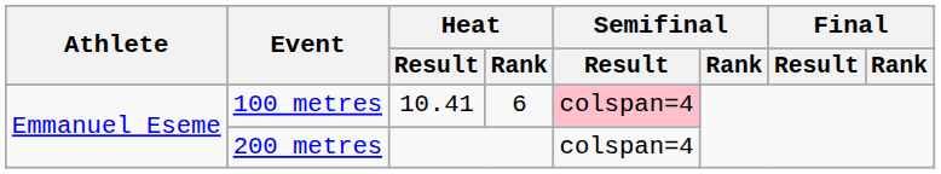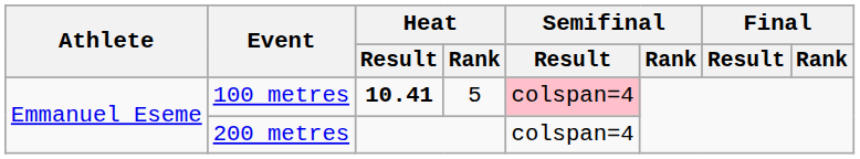 <table class="wikitable" style="font-size:90%">
 <tr>
 <th rowspan="2">Athlete</th>
 <th rowspan="2">Event</th>
 <th colspan="2">Heat</th>
 <th colspan="2">Semifinal</th>
 <th colspan="2">Final</th>
 </tr>
 <tr style="font-size:95%">
 <th>Result</th>
 <th>Rank</th>
 <th>Result</th>
 <th>Rank</th>
 <th>Result</th>
 <th>Rank</th>
 </tr>
 <tr align=center>
 <td align=left rowspan=2><a href='#'>Emmanuel Eseme</a></td>
 <td align=left><a href='#'>100 metres</a></td>
-<td>10.41</td>
-<td>6</td>
+<td><strong>10.41</strong></td>
+<td>5</td>
 <td style="background: pink;">colspan=4 </td>
 </tr>
 <tr align=center>
 <td align=left><a href='#'>200 metres</a></td>
 <td colspan=2></td>
 <td>colspan=4 </td>
 </tr>
 </table>
